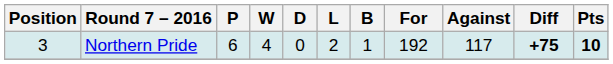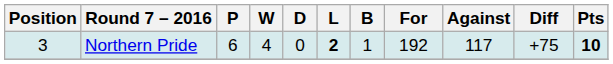 <table class="wikitable" style="text-align:center; font-size:85%;">
 <tr>
 <th width=40 abbr="Position">Position</th>
 <th width=100>Round 7 – 2016</th>
 <th width=20 abbr="Played">P</th>
 <th width=20 abbr="Won">W</th>
 <th width=20 abbr="Drawn">D</th>
 <th width=20 abbr="Lost">L</th>
 <th width=20 abbr="Bye">B</th>
 <th width=40 abbr="Points for">For</th>
 <th width=40 abbr="Points against">Against</th>
 <th width=40 abbr="Points difference">Diff</th>
 <th width=20 abbr="Points">Pts</th>
 </tr>
 <tr style="background: #d7ebed;">
 <td>3</td>
 <td style="text-align:left;"> <a href='#'>Northern Pride</a></td>
 <td>6</td>
 <td>4</td>
 <td>0</td>
-<td>2</td>
+<td><strong>2</strong></td>
 <td>1</td>
 <td>192</td>
 <td>117</td>
-<td><strong>+75</strong></td>
+<td>+75</td>
 <td><strong>10</strong></td>
 </tr>
 <tr>
 </tr>
 </table>
